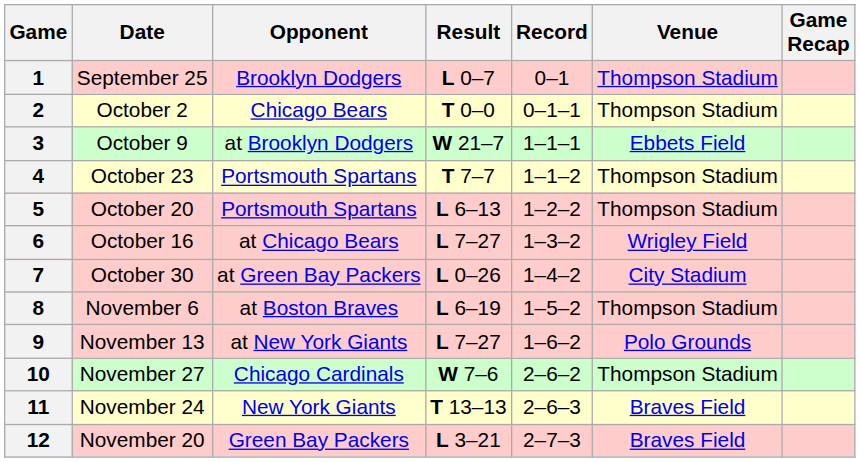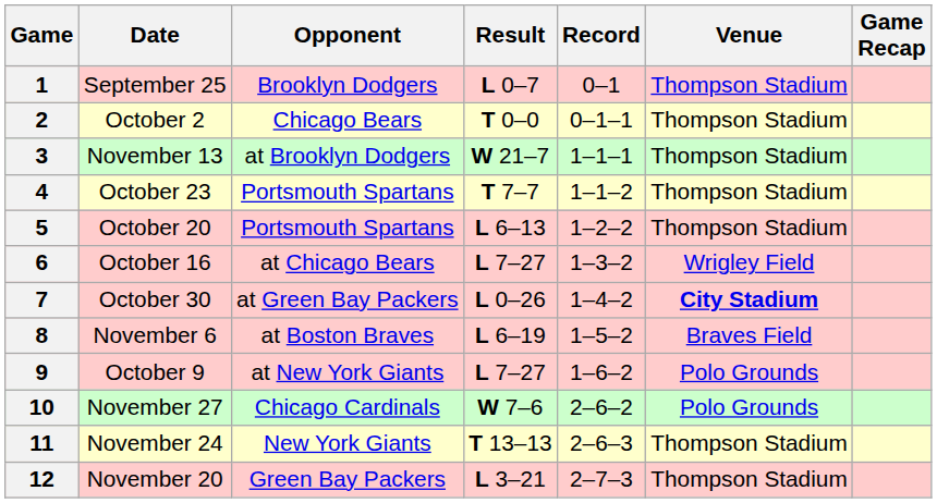 <table class="wikitable" style="text-align:center">
 <tr>
 <th>Game</th>
 <th>Date</th>
 <th>Opponent</th>
 <th>Result</th>
 <th>Record</th>
 <th>Venue</th>
 <th>Game<br>Recap</th>
 </tr>
 <tr style="background:#fcc">
 <th>1</th>
 <td>September 25</td>
 <td><a href='#'>Brooklyn Dodgers</a></td>
 <td><strong>L</strong> 0–7</td>
 <td>0–1</td>
 <td><a href='#'>Thompson Stadium</a></td>
 <td></td>
 </tr>
 <tr style="background:#ffc">
 <th>2</th>
 <td>October 2</td>
 <td><a href='#'>Chicago Bears</a></td>
 <td><strong>T</strong> 0–0</td>
 <td>0–1–1</td>
 <td>Thompson Stadium</td>
 <td></td>
 </tr>
 <tr style="background:#cfc">
 <th>3</th>
-<td>October 9</td>
+<td>November 13</td>
 <td>at <a href='#'>Brooklyn Dodgers</a></td>
 <td><strong>W</strong> 21–7</td>
 <td>1–1–1</td>
-<td><a href='#'>Ebbets Field</a></td>
+<td>Thompson Stadium</td>
 <td></td>
 </tr>
 <tr style="background:#ffc">
 <th>4</th>
 <td>October 23</td>
 <td><a href='#'>Portsmouth Spartans</a></td>
 <td><strong>T</strong> 7–7</td>
 <td>1–1–2</td>
 <td>Thompson Stadium</td>
 <td></td>
 </tr>
 <tr style="background:#fcc">
 <th>5</th>
 <td>October 20</td>
 <td><a href='#'>Portsmouth Spartans</a></td>
 <td><strong>L</strong> 6–13</td>
 <td>1–2–2</td>
 <td>Thompson Stadium</td>
 <td></td>
 </tr>
 <tr style="background:#fcc">
 <th>6</th>
 <td>October 16</td>
 <td>at <a href='#'>Chicago Bears</a></td>
 <td><strong>L</strong> 7–27</td>
 <td>1–3–2</td>
 <td><a href='#'>Wrigley Field</a></td>
 <td></td>
 </tr>
 <tr style="background:#fcc">
 <th>7</th>
 <td>October 30</td>
 <td>at <a href='#'>Green Bay Packers</a></td>
 <td><strong>L</strong> 0–26</td>
 <td>1–4–2</td>
-<td><a href='#'>City Stadium</a></td>
+<td><strong><a href='#'>City Stadium</a></strong></td>
 <td></td>
 </tr>
 <tr style="background:#fcc">
 <th>8</th>
 <td>November 6</td>
 <td>at <a href='#'>Boston Braves</a></td>
 <td><strong>L</strong> 6–19</td>
 <td>1–5–2</td>
-<td>Thompson Stadium</td>
+<td><a href='#'>Braves Field</a></td>
 <td></td>
 </tr>
 <tr style="background:#fcc">
 <th>9</th>
-<td>November 13</td>
+<td>October 9</td>
 <td>at <a href='#'>New York Giants</a></td>
 <td><strong>L</strong> 7–27</td>
 <td>1–6–2</td>
 <td><a href='#'>Polo Grounds</a></td>
 <td></td>
 </tr>
 <tr style="background:#cfc">
 <th>10</th>
 <td>November 27</td>
 <td><a href='#'>Chicago Cardinals</a></td>
 <td><strong>W</strong> 7–6</td>
 <td>2–6–2</td>
-<td>Thompson Stadium</td>
+<td><a href='#'>Polo Grounds</a></td>
 <td></td>
 </tr>
 <tr style="background:#ffc">
 <th>11</th>
 <td>November 24</td>
 <td><a href='#'>New York Giants</a></td>
 <td><strong>T</strong> 13–13</td>
 <td>2–6–3</td>
-<td><a href='#'>Braves Field</a></td>
+<td>Thompson Stadium</td>
 <td></td>
 </tr>
 <tr style="background:#fcc">
 <th>12</th>
 <td>November 20</td>
 <td><a href='#'>Green Bay Packers</a></td>
 <td><strong>L</strong> 3–21</td>
 <td>2–7–3</td>
-<td><a href='#'>Braves Field</a></td>
+<td>Thompson Stadium</td>
 <td></td>
 </tr>
 </table>
